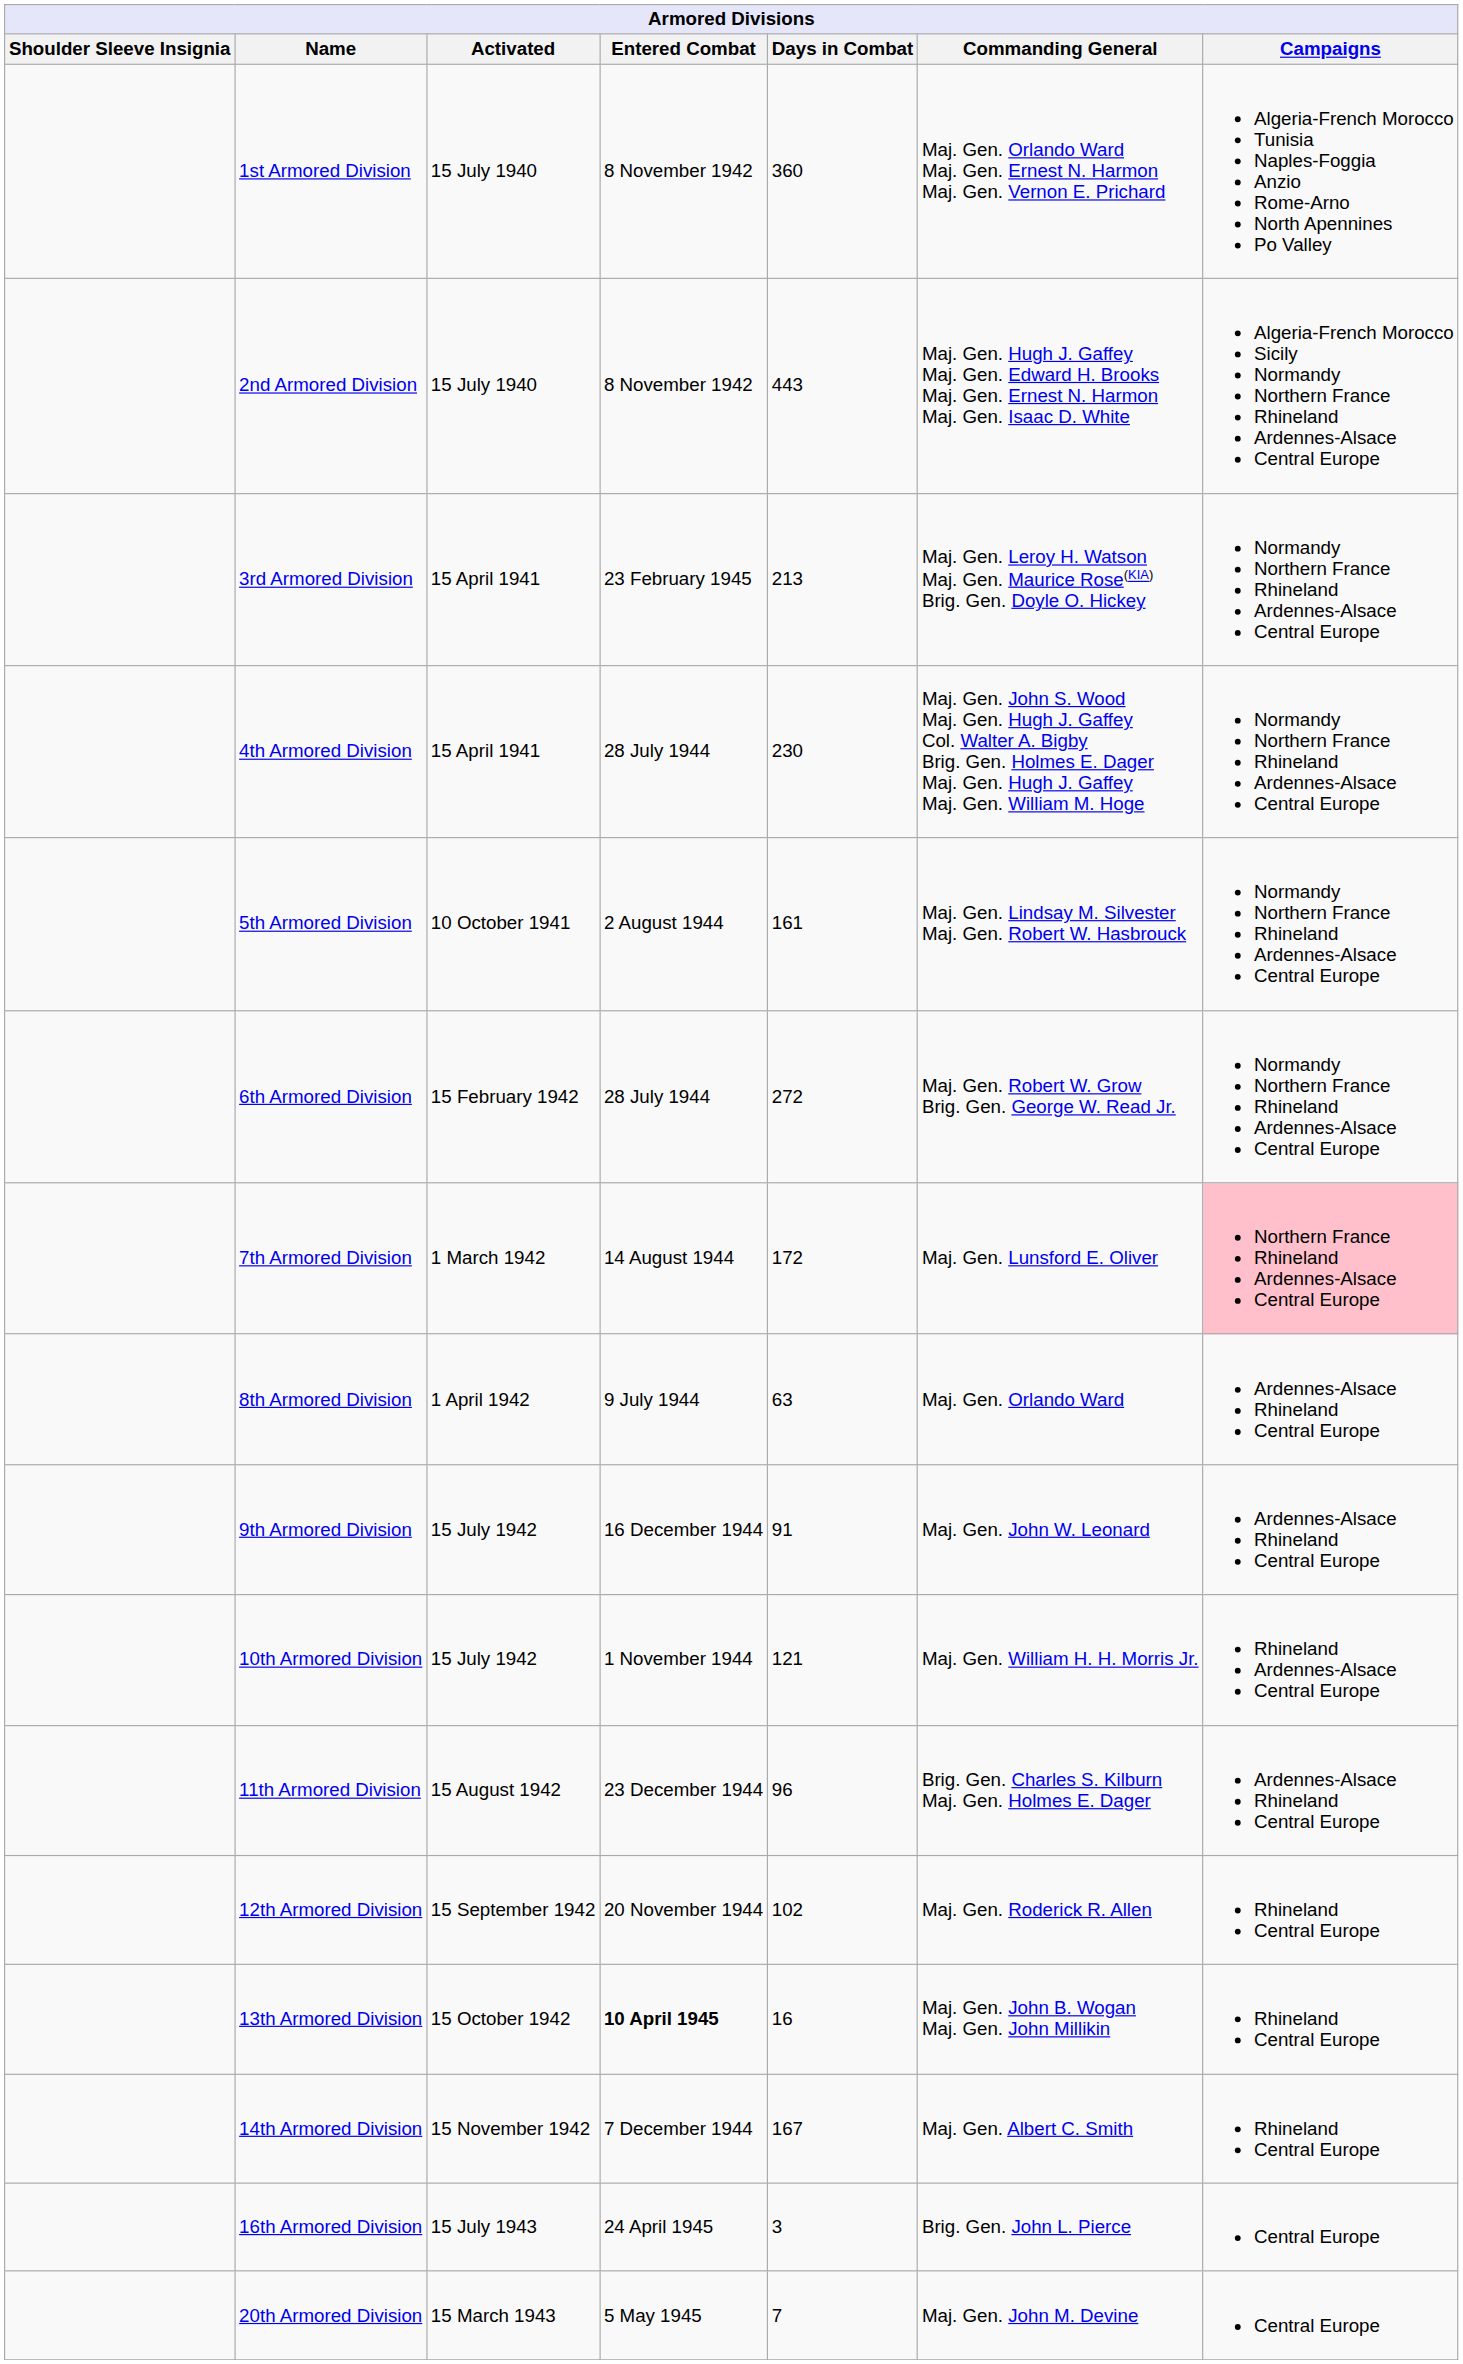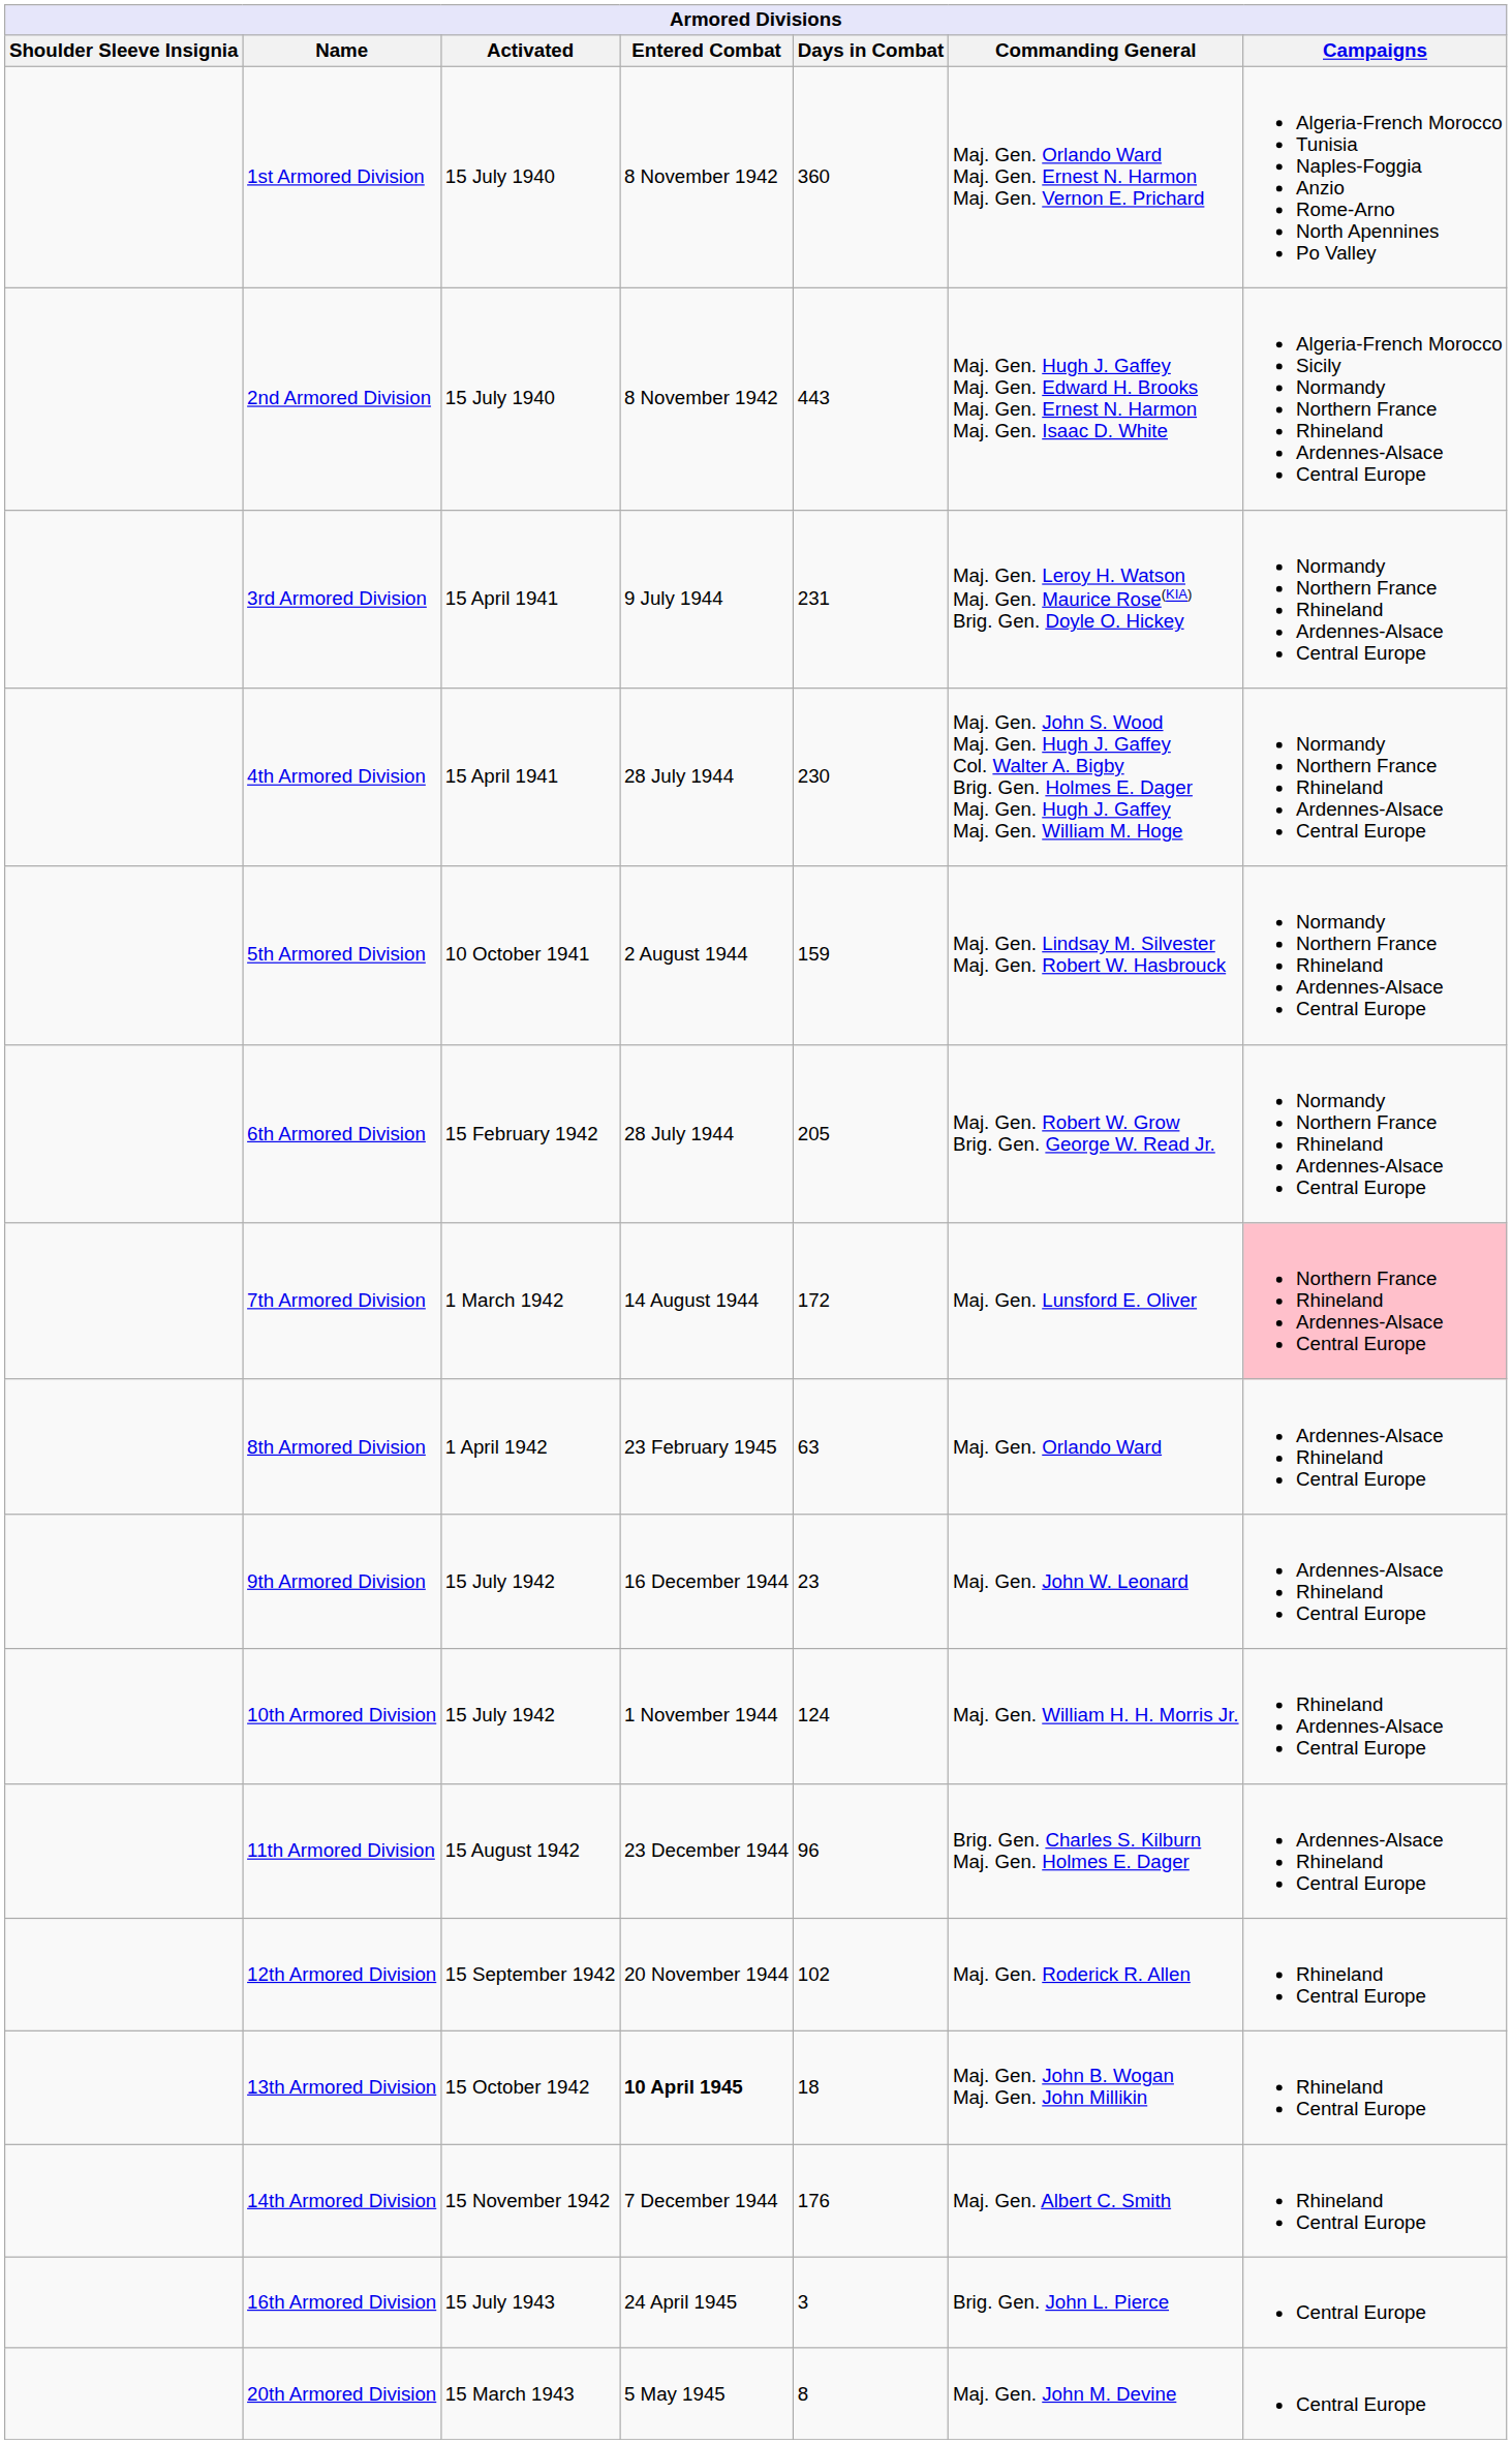 <table class="wikitable">
 <tr>
 <th style="align: center; background: lavender;" colspan="7">Armored Divisions</th>
 </tr>
 <tr>
 <th style="text-align: center; ">Shoulder Sleeve Insignia</th>
 <th style="text-align: center; ">Name</th>
 <th style="text-align: center; ">Activated</th>
 <th style="text-align: center; ">Entered Combat</th>
 <th style="text-align: center; ">Days in Combat</th>
 <th style="text-align: center; ">Commanding General</th>
 <th style="text-align: center; "><a href='#'>Campaigns</a></th>
 </tr>
 <tr>
 <td></td>
 <td><a href='#'>1st Armored Division</a></td>
 <td>15 July 1940</td>
 <td>8 November 1942</td>
 <td>360</td>
 <td>Maj. Gen. <a href='#'>Orlando Ward</a><br>Maj. Gen. <a href='#'>Ernest N. Harmon</a><br>Maj. Gen. <a href='#'>Vernon E. Prichard</a></td>
 <td><br><ul><li>Algeria-French Morocco</li><li>Tunisia</li><li>Naples-Foggia</li><li>Anzio</li><li>Rome-Arno</li><li>North Apennines</li><li>Po Valley</li></ul></td>
 </tr>
 <tr>
 <td></td>
 <td><a href='#'>2nd Armored Division</a></td>
 <td>15 July 1940</td>
 <td>8 November 1942</td>
 <td>443</td>
 <td>Maj. Gen. <a href='#'>Hugh J. Gaffey</a><br>Maj. Gen. <a href='#'>Edward H. Brooks</a><br>Maj. Gen. <a href='#'>Ernest N. Harmon</a><br>Maj. Gen. <a href='#'>Isaac D. White</a></td>
 <td><br><ul><li>Algeria-French Morocco</li><li>Sicily</li><li>Normandy</li><li>Northern France</li><li>Rhineland</li><li>Ardennes-Alsace</li><li>Central Europe</li></ul></td>
 </tr>
 <tr>
 <td></td>
 <td><a href='#'>3rd Armored Division</a></td>
 <td>15 April 1941</td>
-<td>23 February 1945</td>
-<td>213</td>
+<td>9 July 1944</td>
+<td>231</td>
 <td>Maj. Gen. <a href='#'>Leroy H. Watson</a><br>Maj. Gen. <a href='#'>Maurice Rose</a><small><sup>(<a href='#'>KIA</a>)</sup></small><br>Brig. Gen. <a href='#'>Doyle O. Hickey</a></td>
 <td><br><ul><li>Normandy</li><li>Northern France</li><li>Rhineland</li><li>Ardennes-Alsace</li><li>Central Europe</li></ul></td>
 </tr>
 <tr>
 <td></td>
 <td><a href='#'>4th Armored Division</a></td>
 <td>15 April 1941</td>
 <td>28 July 1944</td>
 <td>230</td>
 <td>Maj. Gen. <a href='#'>John S. Wood</a><br>Maj. Gen. <a href='#'>Hugh J. Gaffey</a><br>Col. <a href='#'>Walter A. Bigby</a><br>Brig. Gen. <a href='#'>Holmes E. Dager</a><br>Maj. Gen. <a href='#'>Hugh J. Gaffey</a><br>Maj. Gen. <a href='#'>William M. Hoge</a></td>
 <td><br><ul><li>Normandy</li><li>Northern France</li><li>Rhineland</li><li>Ardennes-Alsace</li><li>Central Europe</li></ul></td>
 </tr>
 <tr>
 <td></td>
 <td><a href='#'>5th Armored Division</a></td>
 <td>10 October 1941</td>
 <td>2 August 1944</td>
-<td>161</td>
+<td>159</td>
 <td>Maj. Gen. <a href='#'>Lindsay M. Silvester</a><br>Maj. Gen. <a href='#'>Robert W. Hasbrouck</a></td>
 <td><br><ul><li>Normandy</li><li>Northern France</li><li>Rhineland</li><li>Ardennes-Alsace</li><li>Central Europe</li></ul></td>
 </tr>
 <tr>
 <td></td>
 <td><a href='#'>6th Armored Division</a></td>
 <td>15 February 1942</td>
 <td>28 July 1944</td>
-<td>272</td>
+<td>205</td>
 <td>Maj. Gen. <a href='#'>Robert W. Grow</a><br>Brig. Gen. <a href='#'>George W. Read Jr.</a></td>
 <td><br><ul><li>Normandy</li><li>Northern France</li><li>Rhineland</li><li>Ardennes-Alsace</li><li>Central Europe</li></ul></td>
 </tr>
 <tr>
 <td></td>
 <td><a href='#'>7th Armored Division</a></td>
 <td>1 March 1942</td>
 <td>14 August 1944</td>
 <td>172</td>
 <td>Maj. Gen. <a href='#'>Lunsford E. Oliver</a></td>
 <td style="background: pink;"><br><ul><li>Northern France</li><li>Rhineland</li><li>Ardennes-Alsace</li><li>Central Europe</li></ul></td>
 </tr>
 <tr>
 <td></td>
 <td><a href='#'>8th Armored Division</a></td>
 <td>1 April 1942</td>
-<td>9 July 1944</td>
+<td>23 February 1945</td>
 <td>63</td>
 <td>Maj. Gen. <a href='#'>Orlando Ward</a></td>
 <td><br><ul><li>Ardennes-Alsace</li><li>Rhineland</li><li>Central Europe</li></ul></td>
 </tr>
 <tr>
 <td></td>
 <td><a href='#'>9th Armored Division</a></td>
 <td>15 July 1942</td>
 <td>16 December 1944</td>
-<td>91</td>
+<td>23</td>
 <td>Maj. Gen. <a href='#'>John W. Leonard</a></td>
 <td><br><ul><li>Ardennes-Alsace</li><li>Rhineland</li><li>Central Europe</li></ul></td>
 </tr>
 <tr>
 <td></td>
 <td><a href='#'>10th Armored Division</a></td>
 <td>15 July 1942</td>
 <td>1 November 1944</td>
-<td>121</td>
+<td>124</td>
 <td>Maj. Gen. <a href='#'>William H. H. Morris Jr.</a></td>
 <td><br><ul><li>Rhineland</li><li>Ardennes-Alsace</li><li>Central Europe</li></ul></td>
 </tr>
 <tr>
 <td></td>
 <td><a href='#'>11th Armored Division</a></td>
 <td>15 August 1942</td>
 <td>23 December 1944</td>
 <td>96</td>
 <td>Brig. Gen. <a href='#'>Charles S. Kilburn</a><br>Maj. Gen. <a href='#'>Holmes E. Dager</a></td>
 <td><br><ul><li>Ardennes-Alsace</li><li>Rhineland</li><li>Central Europe</li></ul></td>
 </tr>
 <tr>
 <td></td>
 <td><a href='#'>12th Armored Division</a></td>
 <td>15 September 1942</td>
 <td>20 November 1944</td>
 <td>102</td>
 <td>Maj. Gen. <a href='#'>Roderick R. Allen</a></td>
 <td><br><ul><li>Rhineland</li><li>Central Europe</li></ul></td>
 </tr>
 <tr>
 <td></td>
 <td><a href='#'>13th Armored Division</a></td>
 <td>15 October 1942</td>
 <td><strong>10 April 1945</strong></td>
-<td>16</td>
+<td>18</td>
 <td>Maj. Gen. <a href='#'>John B. Wogan</a><br>Maj. Gen. <a href='#'>John Millikin</a></td>
 <td><br><ul><li>Rhineland</li><li>Central Europe</li></ul></td>
 </tr>
 <tr>
 <td></td>
 <td><a href='#'>14th Armored Division</a></td>
 <td>15 November 1942</td>
 <td>7 December 1944</td>
-<td>167</td>
+<td>176</td>
 <td>Maj. Gen. <a href='#'>Albert C. Smith</a></td>
 <td><br><ul><li>Rhineland</li><li>Central Europe</li></ul></td>
 </tr>
 <tr>
 <td></td>
 <td><a href='#'>16th Armored Division</a></td>
 <td>15 July 1943</td>
 <td>24 April 1945</td>
 <td>3</td>
 <td>Brig. Gen. <a href='#'>John L. Pierce</a></td>
 <td><br><ul><li>Central Europe</li></ul></td>
 </tr>
 <tr>
 <td></td>
 <td><a href='#'>20th Armored Division</a></td>
 <td>15 March 1943</td>
 <td>5 May 1945</td>
-<td>7</td>
+<td>8</td>
 <td>Maj. Gen. <a href='#'>John M. Devine</a></td>
 <td><br><ul><li>Central Europe</li></ul></td>
 </tr>
 </table>
